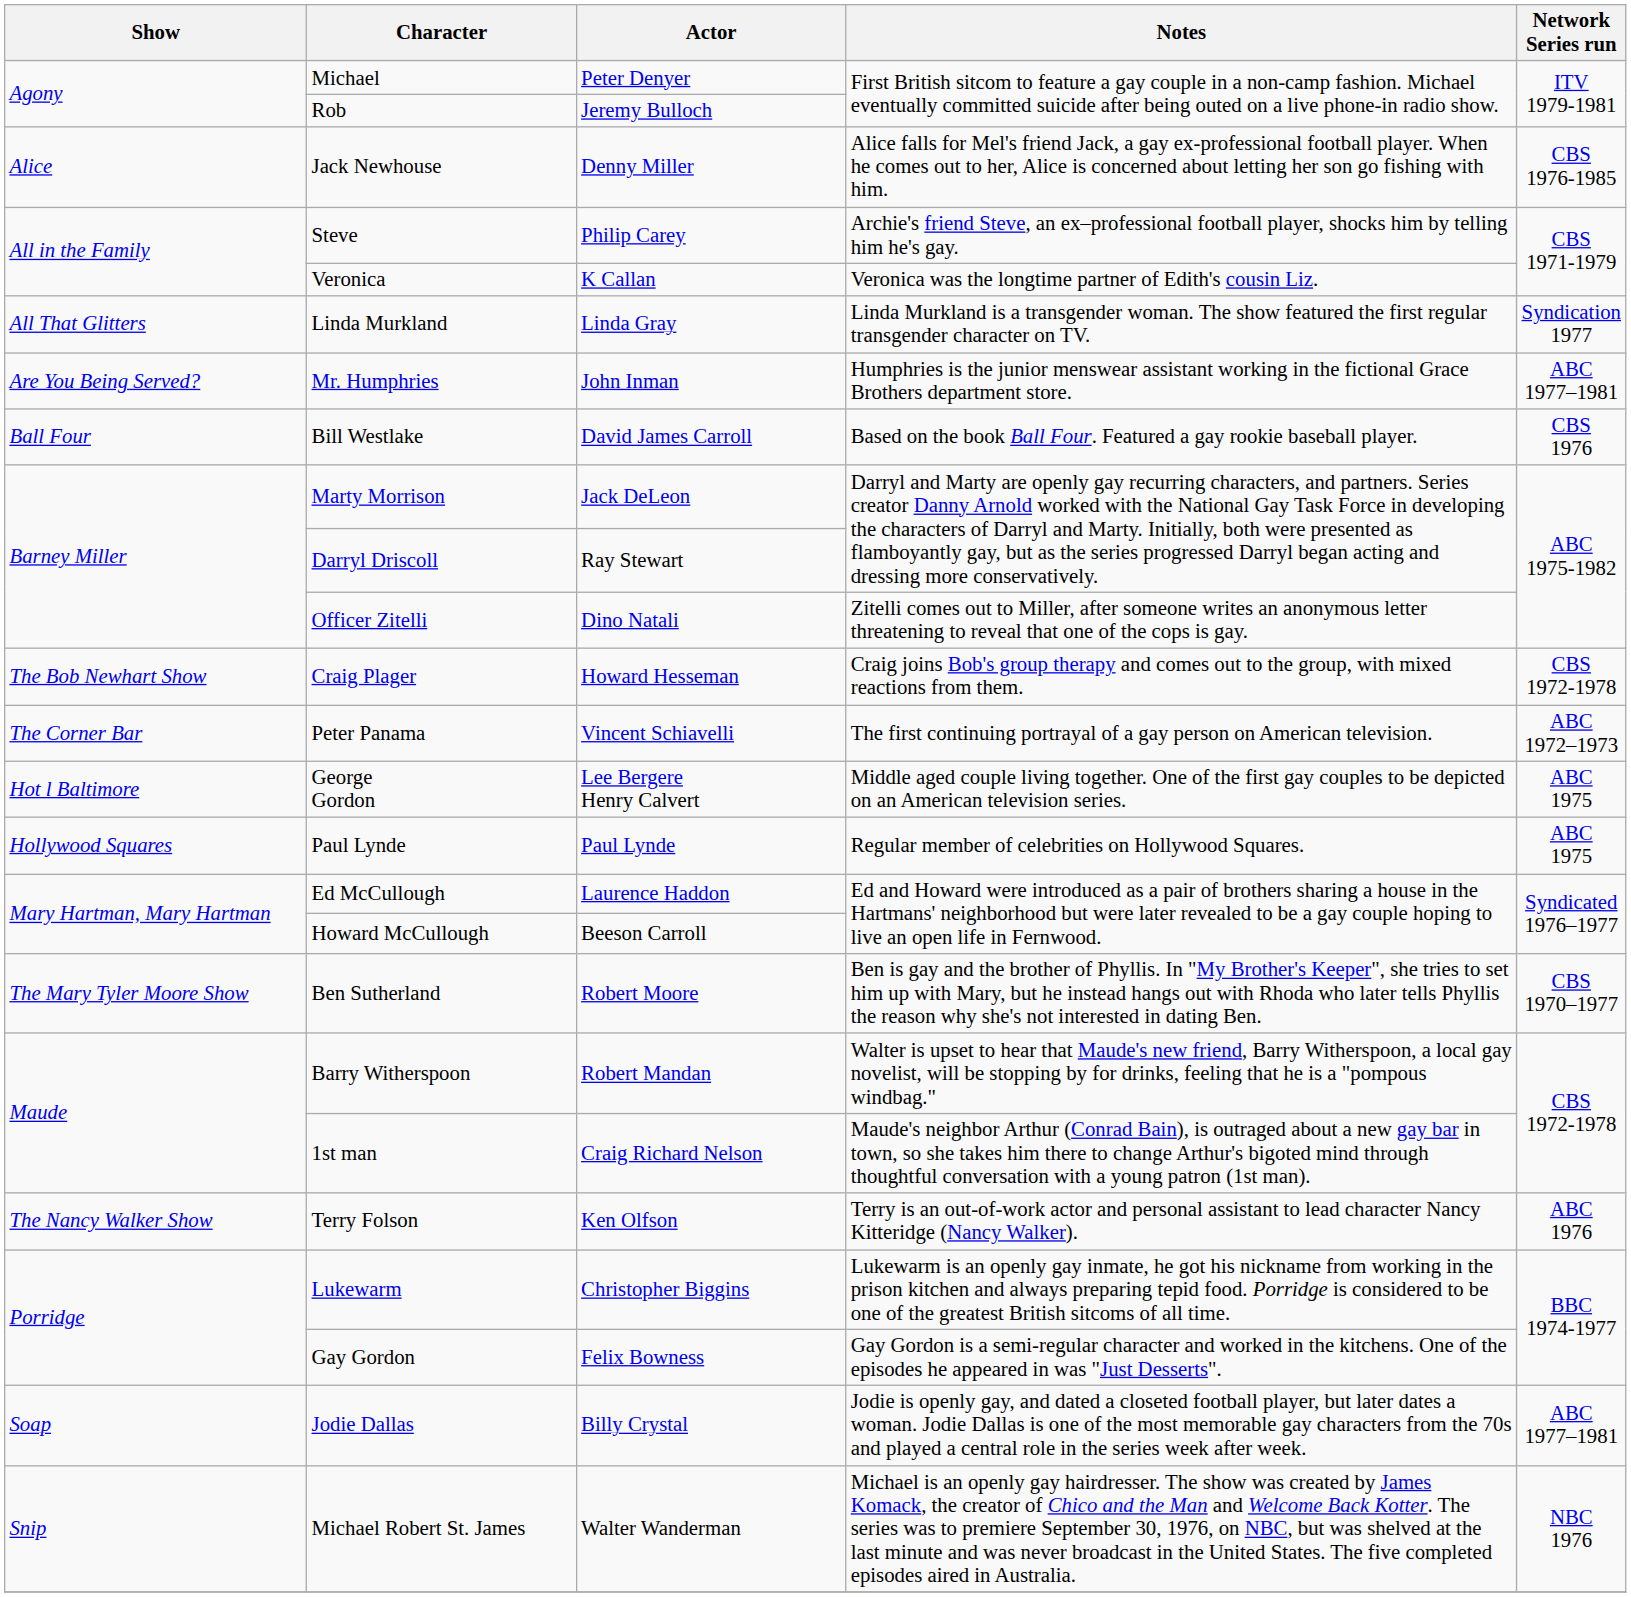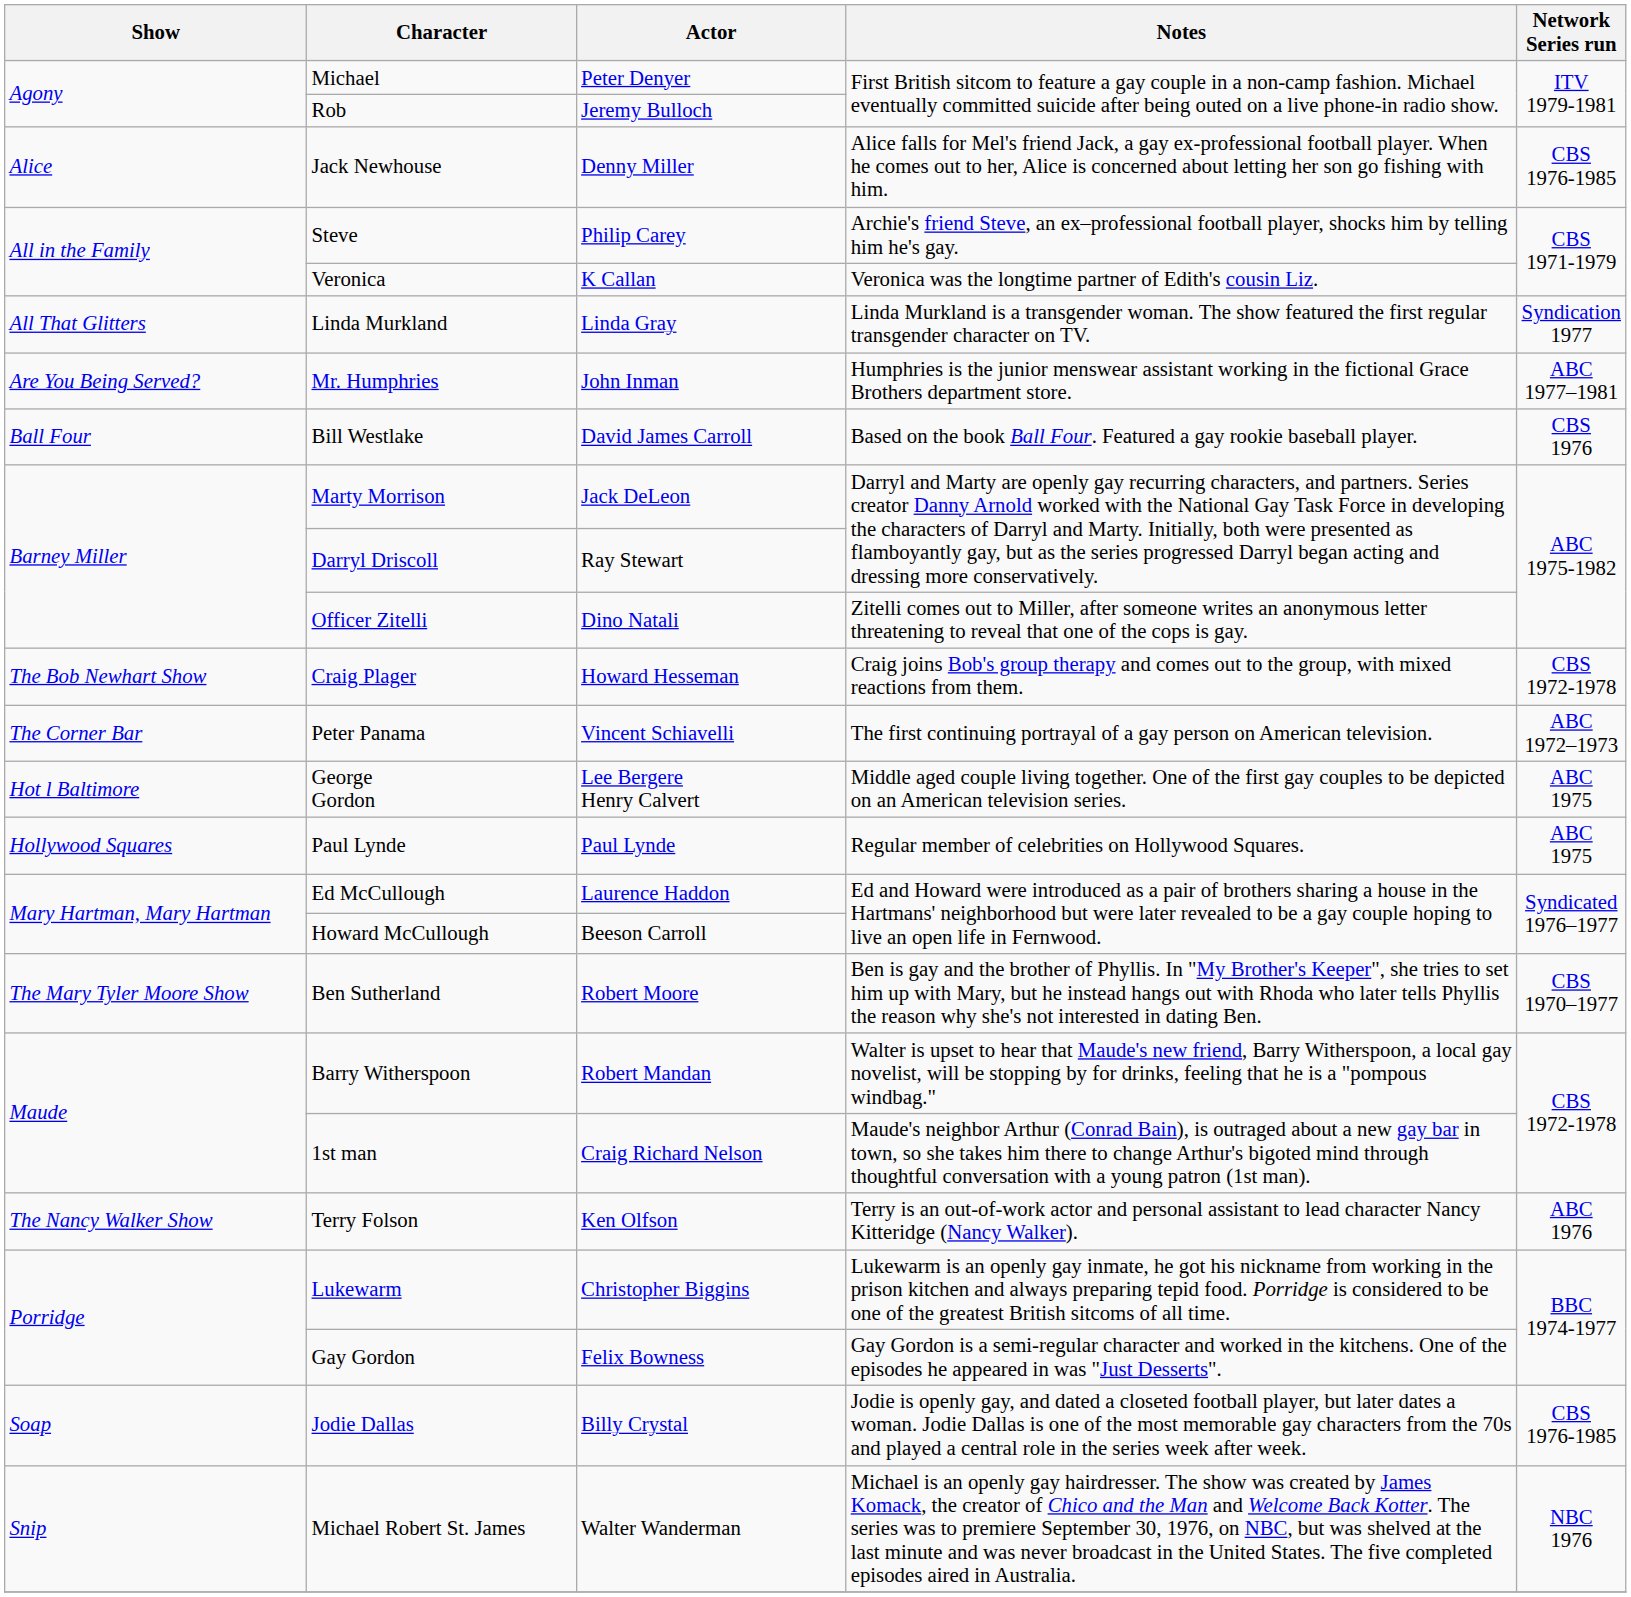 <table class="sortable wikitable" style="margins:auto; width=100%;">
 <tr>
 <th style="width:225px;">Show</th>
 <th style="width:200px">Character</th>
 <th style="width:200px">Actor</th>
 <th class="unsortable">Notes</th>
 <th style="width:75px;" class="unsortable">Network <br>Series run</th>
 </tr>
 <tr>
 <td rowspan="2"><em><a href='#'>Agony</a></em></td>
 <td>Michael</td>
 <td><a href='#'>Peter Denyer</a></td>
 <td rowspan="2">First British sitcom to feature a gay couple in a non-camp fashion. Michael eventually committed suicide after being outed on a live phone-in radio show.</td>
 <td rowspan="2" style="text-align: center;"><a href='#'>ITV</a> <br>1979-1981</td>
 </tr>
 <tr>
 <td>Rob</td>
 <td><a href='#'>Jeremy Bulloch</a></td>
 </tr>
 <tr>
 <td style=text-align:left><em><a href='#'>Alice</a></em></td>
 <td>Jack Newhouse</td>
 <td><a href='#'>Denny Miller</a></td>
 <td>Alice falls for Mel's friend Jack, a gay ex-professional football player. When he comes out to her, Alice is concerned about letting her son go fishing with him.</td>
 <td style="text-align: center;"><a href='#'>CBS</a> <br> 1976-1985</td>
 </tr>
 <tr>
 <td rowspan="2"><em><a href='#'>All in the Family</a></em></td>
 <td>Steve</td>
 <td><a href='#'>Philip Carey</a></td>
 <td>Archie's <a href='#'>friend Steve</a>, an ex–professional football player, shocks him by telling him he's gay.</td>
 <td rowspan="2" style="text-align: center;"><a href='#'>CBS</a> <br> 1971-1979</td>
 </tr>
 <tr>
 <td>Veronica</td>
 <td><a href='#'>K Callan</a></td>
 <td>Veronica was the longtime partner of Edith's <a href='#'>cousin Liz</a>.</td>
 </tr>
 <tr>
 <td><em><a href='#'>All That Glitters</a></em></td>
 <td>Linda Murkland</td>
 <td><a href='#'>Linda Gray</a></td>
 <td>Linda Murkland is a transgender woman. The show featured the first regular transgender character on TV.</td>
 <td style="text-align: center;"><a href='#'>Syndication</a> <br> 1977</td>
 </tr>
 <tr>
 <td><em><a href='#'>Are You Being Served?</a></em></td>
 <td><a href='#'>Mr. Humphries</a></td>
 <td><a href='#'>John Inman</a></td>
 <td>Humphries is the junior menswear assistant working in the fictional Grace Brothers department store.</td>
 <td style="text-align: center;"><a href='#'>ABC</a> <br> 1977–1981</td>
 </tr>
 <tr>
 <td><em><a href='#'>Ball Four</a></em></td>
 <td>Bill Westlake</td>
 <td><a href='#'>David James Carroll</a></td>
 <td>Based on the book <em><a href='#'>Ball Four</a></em>. Featured a gay rookie baseball player.</td>
 <td style="text-align: center;"><a href='#'>CBS</a> <br> 1976</td>
 </tr>
 <tr>
 <td rowspan="3"><em><a href='#'>Barney Miller</a></em></td>
 <td><a href='#'>Marty Morrison</a></td>
 <td><a href='#'>Jack DeLeon</a></td>
 <td rowspan="2">Darryl and Marty are openly gay recurring characters, and partners. Series creator <a href='#'>Danny Arnold</a> worked with the National Gay Task Force in developing the characters of Darryl and Marty. Initially, both were presented as flamboyantly gay, but as the series progressed Darryl began acting and dressing more conservatively.</td>
 <td rowspan="3" style="text-align: center;"><a href='#'>ABC</a> <br> 1975-1982</td>
 </tr>
 <tr>
 <td><a href='#'>Darryl Driscoll</a></td>
 <td>Ray Stewart</td>
 </tr>
 <tr>
 <td><a href='#'>Officer Zitelli</a></td>
 <td><a href='#'>Dino Natali</a></td>
 <td>Zitelli comes out to Miller, after someone writes an anonymous letter threatening to reveal that one of the cops is gay.</td>
 </tr>
 <tr>
 <td><em><a href='#'>The Bob Newhart Show</a></em></td>
 <td><a href='#'>Craig Plager</a></td>
 <td><a href='#'>Howard Hesseman</a></td>
 <td>Craig joins <a href='#'>Bob's group therapy</a> and comes out to the group, with mixed reactions from them.</td>
 <td style="text-align: center;"><a href='#'>CBS</a> <br> 1972-1978</td>
 </tr>
 <tr>
 <td><em><a href='#'>The Corner Bar</a></em></td>
 <td>Peter Panama</td>
 <td><a href='#'>Vincent Schiavelli</a></td>
 <td>The first continuing portrayal of a gay person on American television.</td>
 <td style="text-align: center;"><a href='#'>ABC</a> <br> 1972–1973</td>
 </tr>
 <tr>
 <td><em><a href='#'>Hot l Baltimore</a></em></td>
 <td>George <br> Gordon</td>
 <td><a href='#'>Lee Bergere</a> <br> Henry Calvert</td>
 <td>Middle aged couple living together. One of the first gay couples to be depicted on an American television series.</td>
 <td style="text-align: center;"><a href='#'>ABC</a> <br> 1975</td>
 </tr>
 <tr>
 <td><em><a href='#'>Hollywood Squares</a></em></td>
 <td>Paul Lynde</td>
 <td><a href='#'>Paul Lynde</a></td>
 <td>Regular member of celebrities on Hollywood Squares.</td>
 <td style="text-align: center;"><a href='#'>ABC</a> <br> 1975</td>
 </tr>
 <tr>
 <td rowspan="2"><em><a href='#'>Mary Hartman, Mary Hartman</a></em></td>
 <td>Ed McCullough</td>
 <td><a href='#'>Laurence Haddon</a></td>
 <td rowspan="2">Ed and Howard were introduced as a pair of brothers sharing a house in the Hartmans' neighborhood but were later revealed to be a gay couple hoping to live an open life in Fernwood.</td>
 <td rowspan="2" style="text-align: center;"><a href='#'>Syndicated</a> <br> 1976–1977</td>
 </tr>
 <tr>
 <td>Howard McCullough</td>
 <td>Beeson Carroll</td>
 </tr>
 <tr>
 <td><em><a href='#'>The Mary Tyler Moore Show</a></em></td>
 <td>Ben Sutherland</td>
 <td><a href='#'>Robert Moore</a></td>
 <td>Ben is gay and the brother of Phyllis. In "<a href='#'>My Brother's Keeper</a>", she tries to set him up with Mary, but he instead hangs out with Rhoda who later tells Phyllis the reason why she's not interested in dating Ben.</td>
 <td style="text-align: center;"><a href='#'>CBS</a> <br> 1970–1977</td>
 </tr>
 <tr>
 <td rowspan="2"><em><a href='#'>Maude</a></em></td>
 <td>Barry Witherspoon</td>
 <td><a href='#'>Robert Mandan</a></td>
 <td>Walter is upset to hear that <a href='#'>Maude's new friend</a>, Barry Witherspoon, a local gay novelist, will be stopping by for drinks, feeling that he is a "pompous windbag."</td>
 <td rowspan="2" style="text-align: center;"><a href='#'>CBS</a> <br> 1972-1978</td>
 </tr>
 <tr>
 <td>1st man</td>
 <td><a href='#'>Craig Richard Nelson</a></td>
 <td>Maude's neighbor Arthur (<a href='#'>Conrad Bain</a>), is outraged about a new <a href='#'>gay bar</a> in town, so she takes him there to change Arthur's bigoted mind through thoughtful conversation with a young patron (1st man).</td>
 </tr>
 <tr>
 <td><em><a href='#'>The Nancy Walker Show</a></em></td>
 <td>Terry Folson</td>
 <td><a href='#'>Ken Olfson</a></td>
 <td>Terry is an out-of-work actor and personal assistant to lead character Nancy Kitteridge (<a href='#'>Nancy Walker</a>).</td>
 <td style="text-align: center;"><a href='#'>ABC</a> <br>  1976</td>
 </tr>
 <tr>
 <td rowspan="2"><em><a href='#'>Porridge</a></em></td>
 <td><a href='#'>Lukewarm</a></td>
 <td><a href='#'>Christopher Biggins</a></td>
 <td>Lukewarm is an openly gay inmate, he got his nickname from working in the prison kitchen and always preparing tepid food. <em>Porridge</em> is considered to be one of the greatest British sitcoms of all time.</td>
 <td rowspan="2" style="text-align: center;"><a href='#'>BBC</a> <br> 1974-1977</td>
 </tr>
 <tr>
 <td>Gay Gordon</td>
 <td><a href='#'>Felix Bowness</a></td>
 <td>Gay Gordon is a semi-regular character and worked in the kitchens. One of the episodes he appeared in was "<a href='#'>Just Desserts</a>".</td>
 </tr>
 <tr>
 <td><em><a href='#'>Soap</a></em></td>
 <td><a href='#'>Jodie Dallas</a></td>
 <td><a href='#'>Billy Crystal</a></td>
 <td>Jodie is openly gay, and dated a closeted football player, but later dates a woman. Jodie Dallas is one of the most memorable gay characters from the 70s and played a central role in the series week after week.</td>
-<td style="text-align: center;"><a href='#'>ABC</a> <br> 1977–1981</td>
+<td style="text-align: center;"><a href='#'>CBS</a> <br> 1976-1985</td>
 </tr>
 <tr>
 <td><em><a href='#'>Snip</a></em></td>
 <td>Michael Robert St. James</td>
 <td>Walter Wanderman</td>
 <td>Michael is an openly gay hairdresser. The show was created by <a href='#'>James Komack</a>, the creator of <em><a href='#'>Chico and the Man</a></em> and <em><a href='#'>Welcome Back Kotter</a></em>. The series was to premiere September 30, 1976, on <a href='#'>NBC</a>, but was shelved at the last minute and was never broadcast in the United States. The five completed episodes aired in Australia.</td>
 <td style="text-align: center;"><a href='#'>NBC</a> <br> 1976</td>
 </tr>
 <tr>
 </tr>
 </table>
